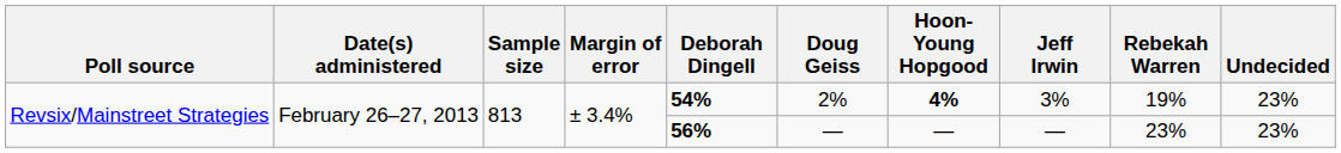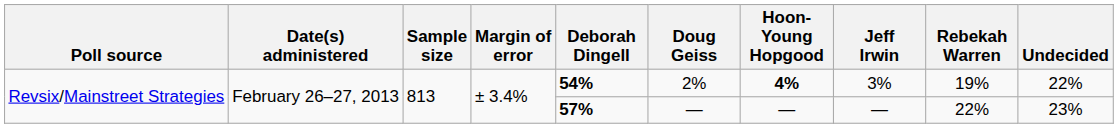 <table class="wikitable">
 <tr valign= bottom>
 <th>Poll source</th>
 <th>Date(s)<br>administered</th>
 <th>Sample<br>size</th>
 <th>Margin of<br>error</th>
 <th style="width:80px;">Deborah<br>Dingell</th>
 <th style="width:80px;">Doug<br>Geiss</th>
 <th style="width:80px;">Hoon-Young<br>Hopgood</th>
 <th style="width:80px;">Jeff<br>Irwin</th>
 <th style="width:80px;">Rebekah<br>Warren</th>
 <th>Undecided</th>
 </tr>
 <tr>
 <td rowspan=2><a href='#'>Revsix</a>/<a href='#'>Mainstreet Strategies</a></td>
 <td rowspan="2">February 26–27, 2013</td>
 <td rowspan="2">813</td>
 <td rowspan="2">± 3.4%</td>
 <td><strong>54%</strong></td>
 <td align=center>2%</td>
 <td align=center><strong>4%</strong></td>
 <td align=center>3%</td>
 <td align=center>19%</td>
-<td align=center>23%</td>
+<td align=center>22%</td>
 </tr>
 <tr>
-<td><strong>56%</strong></td>
+<td><strong>57%</strong></td>
 <td align=center>—</td>
 <td align=center>—</td>
 <td align=center>—</td>
-<td align=center>23%</td>
+<td align=center>22%</td>
 <td align=center>23%</td>
 </tr>
 </table>
